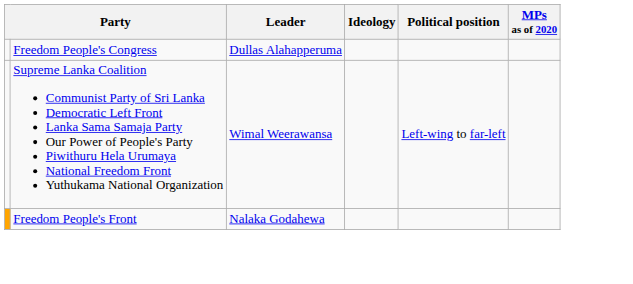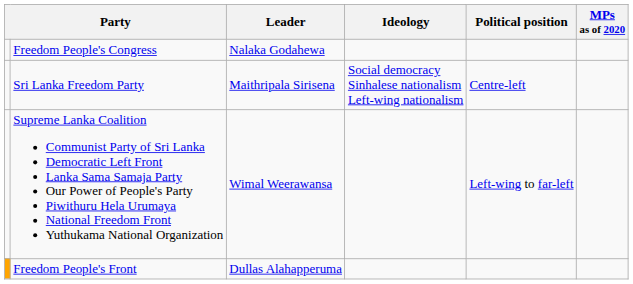 <table class="wikitable sortable">
 <tr>
 <th align="left" colspan="2">Party</th>
 <th>Leader</th>
 <th>Ideology</th>
 <th>Political position</th>
 <th><a href='#'>MPs</a><br><small>as of <a href='#'>2020</a></small></th>
 </tr>
 <tr>
 <td></td>
 <td style="text-align:left;"><a href='#'>Freedom People's Congress</a></td>
-<td><a href='#'>Dullas Alahapperuma</a></td>
+<td><a href='#'>Nalaka Godahewa</a></td>
 <td></td>
 <td></td>
+<td></td>
+</tr>
+<tr>
+<td bgcolor=></td>
+<td style="text-align:left;"><a href='#'>Sri Lanka Freedom Party</a></td>
+<td><a href='#'>Maithripala Sirisena</a></td>
+<td><a href='#'>Social democracy</a><br><a href='#'>Sinhalese nationalism</a><br><a href='#'>Left-wing nationalism</a></td>
+<td><a href='#'>Centre-left</a></td>
 <td></td>
 </tr>
 <tr>
 <td bgcolor=></td>
 <td style="text-align:left;"><a href='#'>Supreme Lanka Coalition</a><br><ul><li><a href='#'>Communist Party of Sri Lanka</a></li><li><a href='#'>Democratic Left Front</a></li><li><a href='#'>Lanka Sama Samaja Party</a></li><li>Our Power of People's Party</li><li><a href='#'>Piwithuru Hela Urumaya</a></li><li><a href='#'>National Freedom Front</a></li><li>Yuthukama National Organization</li></ul></td>
 <td><a href='#'>Wimal Weerawansa</a></td>
 <td></td>
 <td><a href='#'>Left-wing</a> to <a href='#'>far-left</a></td>
 <td></td>
 </tr>
 <tr>
 <td bgcolor=orange></td>
 <td style="text-align:left;"><a href='#'>Freedom People's Front</a></td>
-<td><a href='#'>Nalaka Godahewa</a></td>
+<td><a href='#'>Dullas Alahapperuma</a></td>
 <td></td>
 <td></td>
 <td></td>
 </tr>
 </table>
